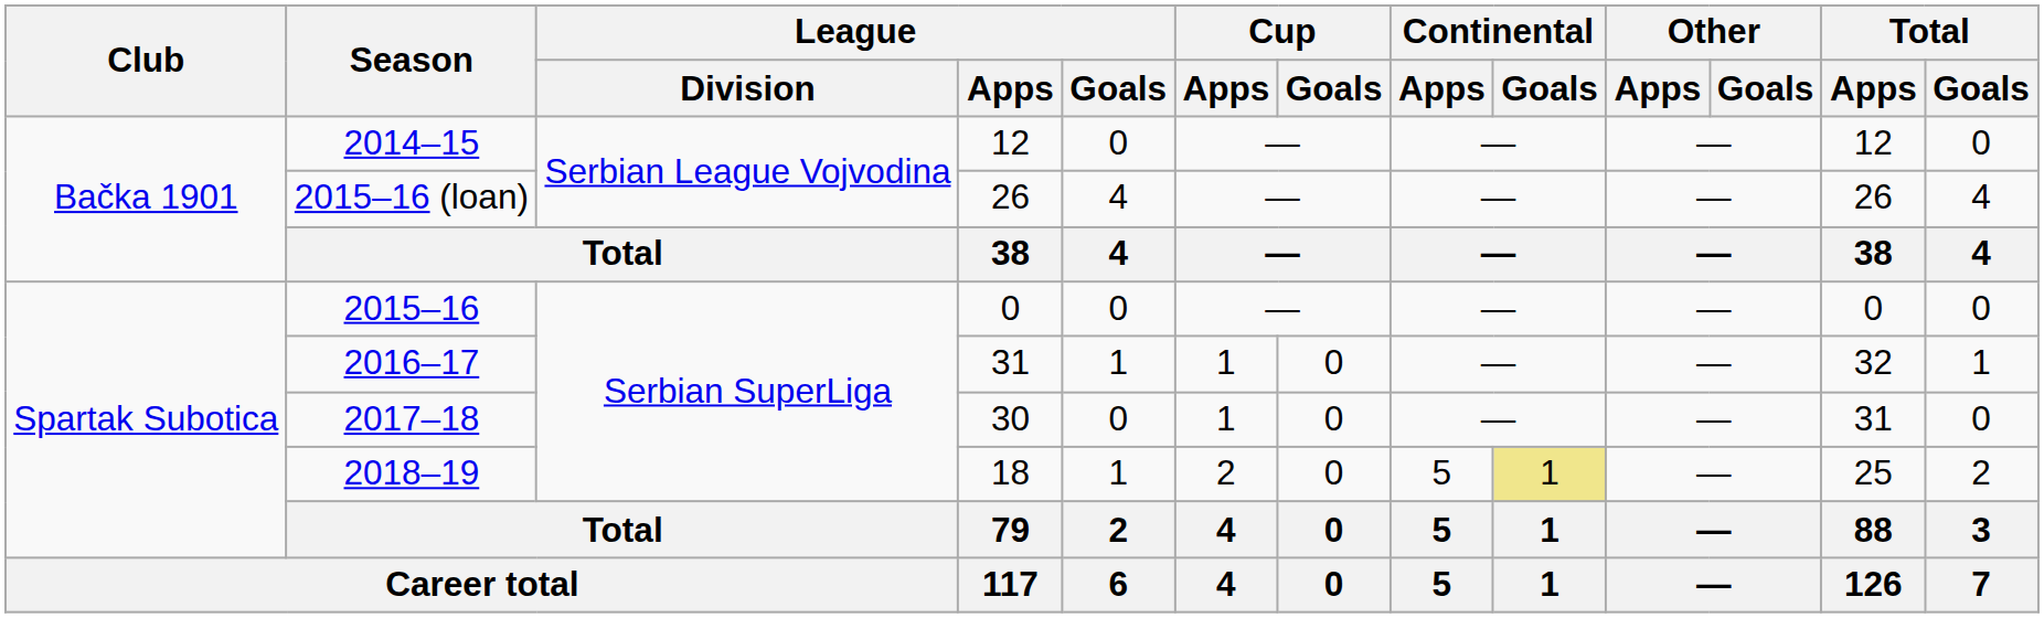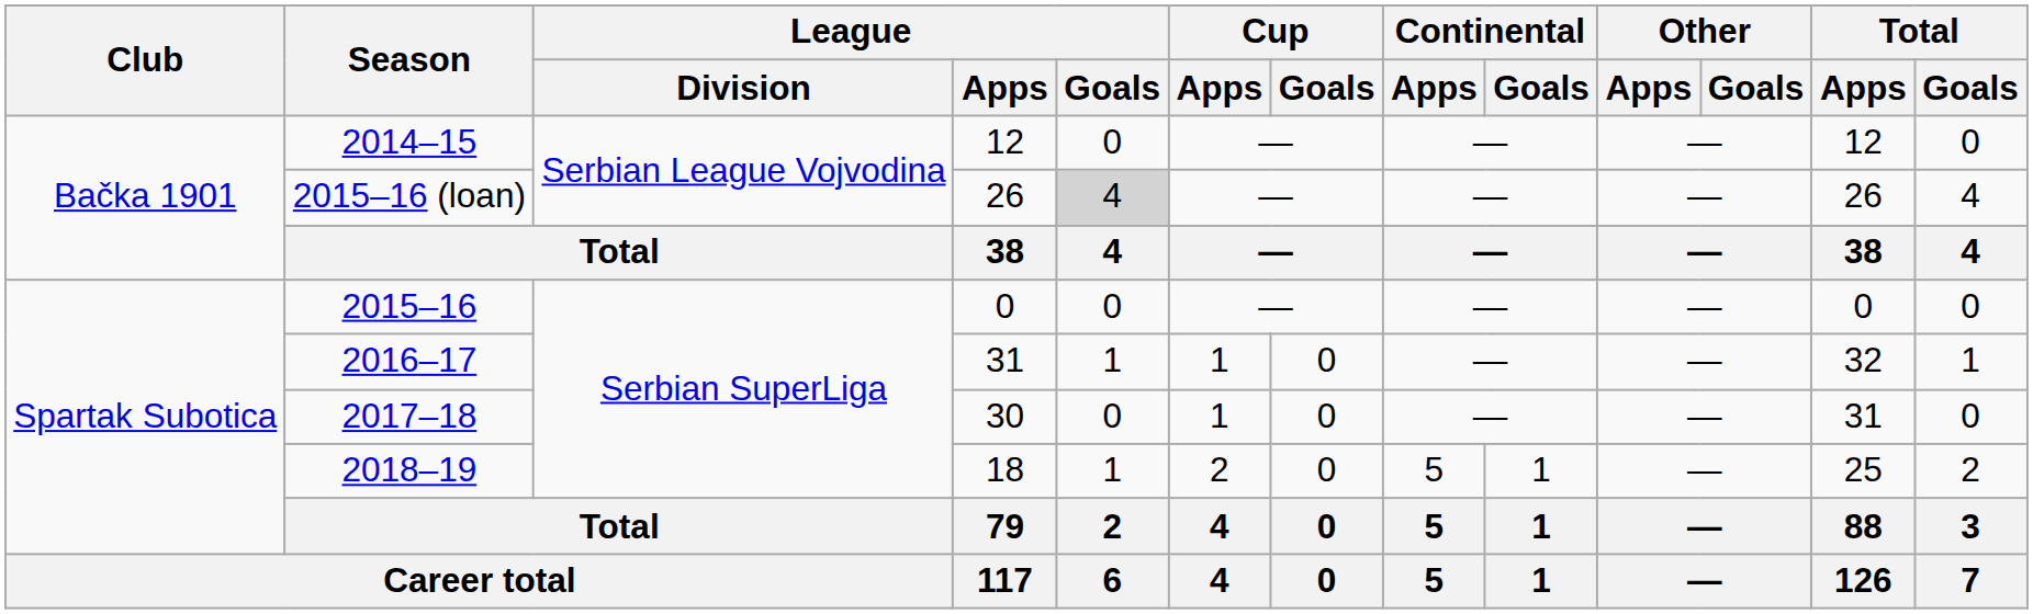 <table class="wikitable" style="text-align:center">
 <tr>
 <th rowspan="2">Club</th>
 <th rowspan="2">Season</th>
 <th colspan="3">League</th>
 <th colspan="2">Cup</th>
 <th colspan="2">Continental</th>
 <th colspan="2">Other</th>
 <th colspan="2">Total</th>
 </tr>
 <tr>
 <th>Division</th>
 <th>Apps</th>
 <th>Goals</th>
 <th>Apps</th>
 <th>Goals</th>
 <th>Apps</th>
 <th>Goals</th>
 <th>Apps</th>
 <th>Goals</th>
 <th>Apps</th>
 <th>Goals</th>
 </tr>
 <tr>
 <td rowspan="3"><a href='#'>Bačka 1901</a></td>
 <td><a href='#'>2014–15</a></td>
 <td rowspan=2><a href='#'>Serbian League Vojvodina</a></td>
 <td>12</td>
 <td>0</td>
 <td colspan="2">—</td>
 <td colspan="2">—</td>
 <td colspan="2">—</td>
 <td>12</td>
 <td>0</td>
 </tr>
 <tr>
 <td><a href='#'>2015–16</a> (loan)</td>
 <td>26</td>
-<td>4</td>
+<td style="background: lightgrey;">4</td>
 <td colspan="2">—</td>
 <td colspan="2">—</td>
 <td colspan="2">—</td>
 <td>26</td>
 <td>4</td>
 </tr>
 <tr>
 <th colspan="2">Total</th>
 <th>38</th>
 <th>4</th>
 <th colspan="2">—</th>
 <th colspan="2">—</th>
 <th colspan="2">—</th>
 <th>38</th>
 <th>4</th>
 </tr>
 <tr>
 <td rowspan="5"><a href='#'>Spartak Subotica</a></td>
 <td><a href='#'>2015–16</a></td>
 <td rowspan=4><a href='#'>Serbian SuperLiga</a></td>
 <td>0</td>
 <td>0</td>
 <td colspan="2">—</td>
 <td colspan="2">—</td>
 <td colspan="2">—</td>
 <td>0</td>
 <td>0</td>
 </tr>
 <tr>
 <td><a href='#'>2016–17</a></td>
 <td>31</td>
 <td>1</td>
 <td>1</td>
 <td>0</td>
 <td colspan="2">—</td>
 <td colspan="2">—</td>
 <td>32</td>
 <td>1</td>
 </tr>
 <tr>
 <td><a href='#'>2017–18</a></td>
 <td>30</td>
 <td>0</td>
 <td>1</td>
 <td>0</td>
 <td colspan="2">—</td>
 <td colspan="2">—</td>
 <td>31</td>
 <td>0</td>
 </tr>
 <tr>
 <td><a href='#'>2018–19</a></td>
 <td>18</td>
 <td>1</td>
 <td>2</td>
 <td>0</td>
 <td>5</td>
-<td style="background: khaki;">1</td>
+<td>1</td>
 <td colspan="2">—</td>
 <td>25</td>
 <td>2</td>
 </tr>
 <tr>
 <th colspan="2">Total</th>
 <th>79</th>
 <th>2</th>
 <th>4</th>
 <th>0</th>
 <th>5</th>
 <th>1</th>
 <th colspan="2">—</th>
 <th>88</th>
 <th>3</th>
 </tr>
 <tr>
 <th colspan="3">Career total</th>
 <th>117</th>
 <th>6</th>
 <th>4</th>
 <th>0</th>
 <th>5</th>
 <th>1</th>
 <th colspan="2">—</th>
 <th>126</th>
 <th>7</th>
 </tr>
 </table>
